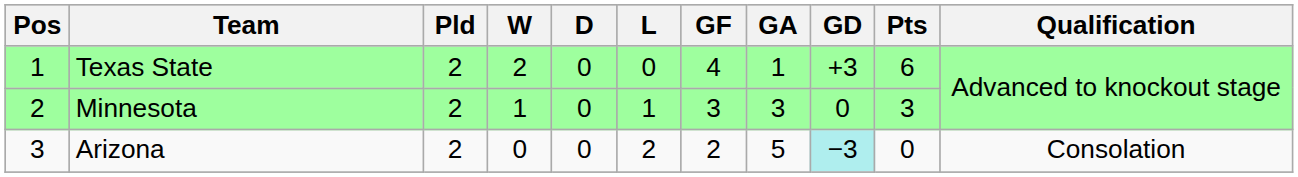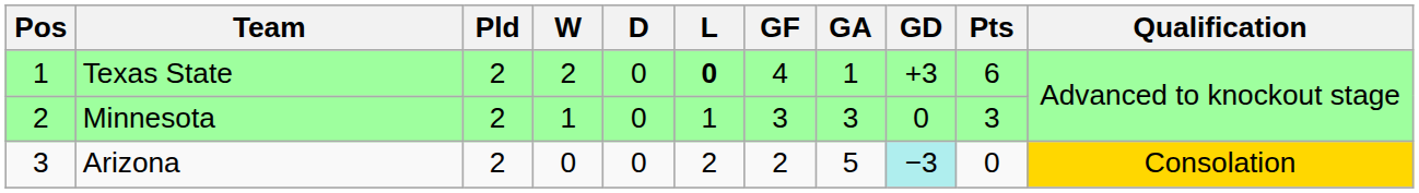 <table class="wikitable" style="text-align:center; margin: 1em auto">
 <tr>
 <th style="width:2em">Pos</th>
 <th style="width:13em">Team</th>
 <th style="width:2em">Pld</th>
 <th style="width:2em">W</th>
 <th style="width:2em">D</th>
 <th style="width:2em">L</th>
 <th style="width:2em">GF</th>
 <th style="width:2em">GA</th>
 <th style="width:2em">GD</th>
 <th style="width:2em">Pts</th>
 <th style="width:13em">Qualification</th>
 </tr>
 <tr bgcolor="#9eff9e">
 <td>1</td>
 <td style="text-align:left">Texas State</td>
 <td>2</td>
 <td>2</td>
 <td>0</td>
-<td>0</td>
+<td><strong>0</strong></td>
 <td>4</td>
 <td>1</td>
 <td>+3</td>
 <td>6</td>
 <td rowspan="2">Advanced to knockout stage</td>
 </tr>
 <tr bgcolor="#9eff9e">
 <td>2</td>
 <td style="text-align:left">Minnesota</td>
 <td>2</td>
 <td>1</td>
 <td>0</td>
 <td>1</td>
 <td>3</td>
 <td>3</td>
 <td>0</td>
 <td>3</td>
 </tr>
 <tr>
 <td>3</td>
 <td style="text-align:left">Arizona</td>
 <td>2</td>
 <td>0</td>
 <td>0</td>
 <td>2</td>
 <td>2</td>
 <td>5</td>
 <td style="background: paleturquoise;">−3</td>
 <td>0</td>
-<td>Consolation</td>
+<td style="background: gold;">Consolation</td>
 </tr>
 </table>
